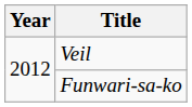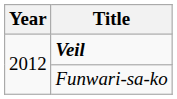 <table class="wikitable">
 <tr>
 <th>Year</th>
 <th>Title</th>
 </tr>
 <tr>
 <td rowspan="2">2012</td>
-<td><em>Veil</em></td>
+<td><strong><em>Veil</em></strong></td>
 </tr>
 <tr>
 <td><em>Funwari-sa-ko</em></td>
 </tr>
 </table>
